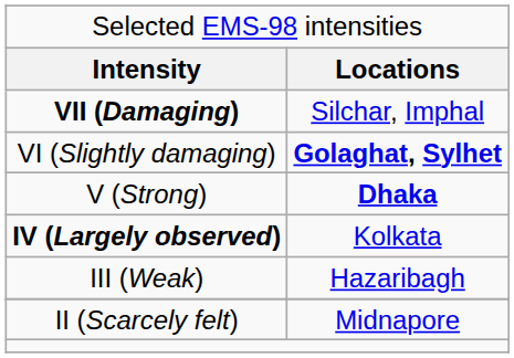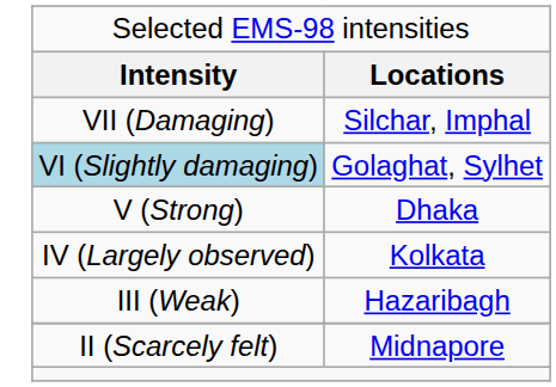 <table class="wikitable" style="float: right; text-align: center; font-size:90%;">
 <tr>
 <td colspan="2" style="text-align: center;">Selected <a href='#'>EMS-98</a> intensities</td>
 </tr>
 <tr>
 <th>Intensity</th>
 <th>Locations</th>
 </tr>
 <tr>
-<td><strong>VII (<em>Damaging</em>)</strong></td>
+<td>VII (<em>Damaging</em>)</td>
 <td><a href='#'>Silchar</a>, <a href='#'>Imphal</a></td>
 </tr>
 <tr>
-<td>VI (<em>Slightly damaging</em>)</td>
-<td><strong><a href='#'>Golaghat</a>, <a href='#'>Sylhet</a></strong></td>
+<td style="background: lightblue;">VI (<em>Slightly damaging</em>)</td>
+<td><a href='#'>Golaghat</a>, <a href='#'>Sylhet</a></td>
 </tr>
 <tr>
 <td>V (<em>Strong</em>)</td>
-<td><strong><a href='#'>Dhaka</a></strong></td>
+<td><a href='#'>Dhaka</a></td>
 </tr>
 <tr>
-<td><strong>IV (<em>Largely observed</em>)</strong></td>
+<td>IV (<em>Largely observed</em>)</td>
 <td><a href='#'>Kolkata</a></td>
 </tr>
 <tr>
 <td>III (<em>Weak</em>)</td>
 <td><a href='#'>Hazaribagh</a></td>
 </tr>
 <tr>
 </tr>
 <tr>
 <td>II (<em>Scarcely felt</em>)</td>
 <td><a href='#'>Midnapore</a></td>
 </tr>
 <tr>
 <td colspan="3" style="text-align: center;"><small></small></td>
 </tr>
 </table>
